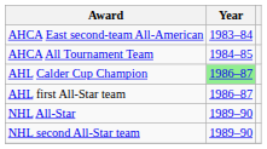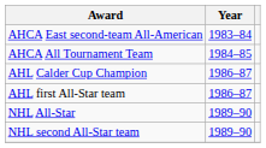 <table class="wikitable">
 <tr>
 <th>Award</th>
 <th>Year</th>
 <th></th>
 </tr>
 <tr>
 <td><a href='#'>AHCA</a> <a href='#'>East second-team All-American</a></td>
 <td><a href='#'>1983–84</a></td>
 <td></td>
 </tr>
 <tr>
 <td><a href='#'>AHCA</a> <a href='#'>All Tournament Team</a></td>
 <td><a href='#'>1984–85</a></td>
 <td></td>
 </tr>
 <tr>
 <td><a href='#'>AHL</a> <a href='#'>Calder Cup Champion</a></td>
-<td style="background: lightgreen;"><a href='#'>1986–87</a></td>
+<td><a href='#'>1986–87</a></td>
 <td></td>
 </tr>
 <tr>
 <td><a href='#'>AHL</a> first All-Star team</td>
 <td><a href='#'>1986–87</a></td>
 <td></td>
 </tr>
 <tr>
 <td><a href='#'>NHL</a> <a href='#'>All-Star</a></td>
 <td><a href='#'>1989–90</a></td>
 <td></td>
 </tr>
 <tr>
 <td><a href='#'>NHL second All-Star team</a></td>
 <td><a href='#'>1989–90</a></td>
 <td></td>
 </tr>
 <tr>
 </tr>
 </table>
